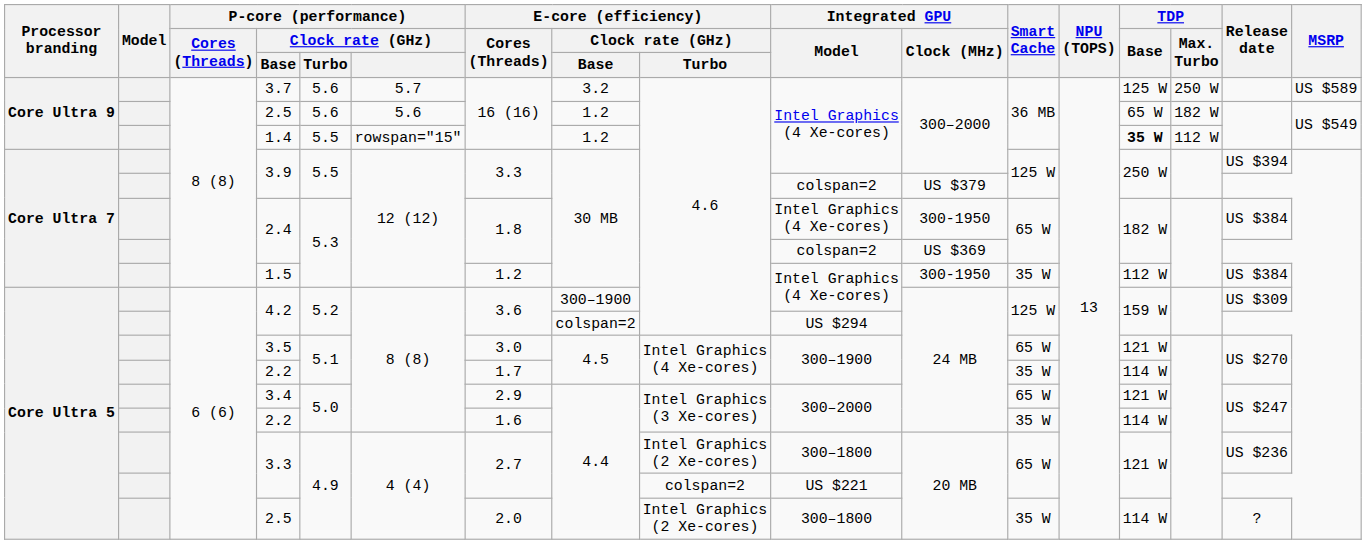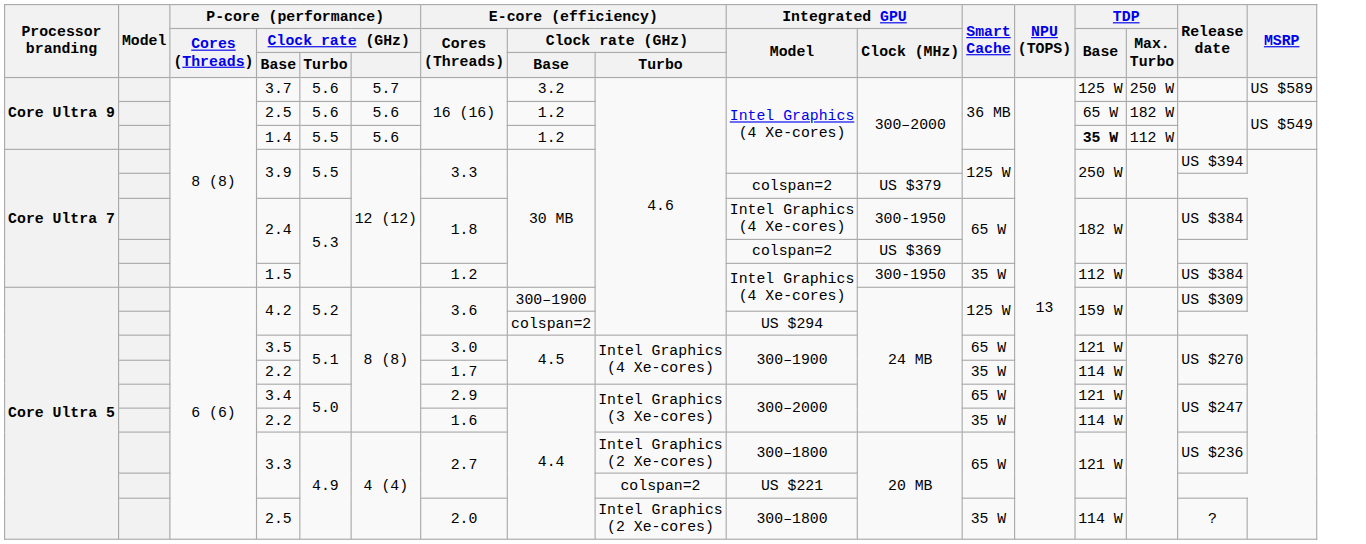 <table class="wikitable sortable nowrap" style="text-align: center">
 <tr>
 <th class="unsortable" rowspan="3">Processor<br>branding</th>
 <th rowspan="3">Model</th>
 <th colspan="4">P-core (performance)</th>
 <th colspan="3">E-core (efficiency)</th>
 <th colspan="2">Integrated <a href='#'>GPU</a></th>
 <th class="unsortable" rowspan="3"><a href='#'>Smart<br>Cache</a></th>
 <th class="unsortable" rowspan="3"><a href='#'>NPU</a><br>(TOPS)</th>
 <th colspan="2"><a href='#'>TDP</a></th>
 <th rowspan="3">Release<br>date</th>
 <th class="unsortable" rowspan="3"><a href='#'>MSRP</a></th>
 </tr>
 <tr>
 <th class="unsortable" rowspan="2"><a href='#'>Cores</a><br>(<a href='#'>Threads</a>)</th>
 <th colspan="3"><a href='#'>Clock rate</a> (GHz)</th>
 <th class="unsortable" rowspan="2">Cores<br>(Threads)</th>
 <th colspan="2">Clock rate (GHz)</th>
 <th class="unsortable" rowspan="2">Model</th>
 <th class="unsortable" rowspan="2">Clock (MHz)</th>
 <th rowspan="2">Base</th>
 <th class="unsortable" rowspan="2">Max.<br>Turbo</th>
 </tr>
 <tr>
 <th class="unsortable">Base</th>
 <th class="unsortable">Turbo</th>
 <th class="unsortable"></th>
 <th class="unsortable">Base</th>
 <th class="unsortable">Turbo</th>
 </tr>
 <tr>
 <th rowspan="3">Core Ultra 9</th>
 <th style="text-align:left" data-sort-value="sku17"></th>
 <td rowspan="8">8 (8)</td>
 <td>3.7</td>
 <td>5.6</td>
 <td>5.7</td>
 <td rowspan="3">16 (16)</td>
 <td>3.2</td>
 <td rowspan="10">4.6</td>
 <td rowspan="4"><a href='#'>Intel Graphics</a><br>(4 Xe-cores)</td>
 <td rowspan="4">300–2000</td>
 <td rowspan="3">36 MB</td>
 <td rowspan="17">13</td>
 <td>125 W</td>
 <td>250 W</td>
 <td></td>
 <td>US $589</td>
 </tr>
 <tr>
 <th style="text-align:left" data-sort-value="sku16"></th>
 <td>2.5</td>
 <td>5.6</td>
 <td>5.6</td>
 <td>1.2</td>
 <td>65 W</td>
 <td>182 W</td>
 <td rowspan="2"></td>
 <td rowspan="2">US $549</td>
 </tr>
 <tr>
 <th style="text-align:left" data-sort-value="sku15"></th>
 <td>1.4</td>
 <td>5.5</td>
-<td>rowspan="15" </td>
+<td>5.6</td>
 <td>1.2</td>
 <td><strong>35 W</strong></td>
 <td>112 W</td>
 </tr>
 <tr>
 <th rowspan="5">Core Ultra 7</th>
 <th style="text-align:left" data-sort-value="sku14"></th>
 <td rowspan="2">3.9</td>
 <td rowspan="2">5.5</td>
 <td rowspan="5">12 (12)</td>
 <td rowspan="2">3.3</td>
 <td rowspan="5">30 MB</td>
 <td rowspan="2">125 W</td>
 <td rowspan="2">250 W</td>
 <td rowspan="2"></td>
 <td>US $394</td>
 </tr>
 <tr>
 <th style="text-align:left" data-sort-value="sku13"></th>
 <td>colspan=2 </td>
 <td>US $379</td>
 </tr>
 <tr>
 <th style="text-align:left" data-sort-value="sku12"></th>
 <td rowspan="2">2.4</td>
 <td rowspan="3">5.3</td>
 <td rowspan="2">1.8</td>
 <td>Intel Graphics<br>(4 Xe-cores)</td>
 <td>300-1950</td>
 <td rowspan="2">65 W</td>
 <td rowspan="2">182 W</td>
 <td rowspan="3"></td>
 <td>US $384</td>
 </tr>
 <tr>
 <th style="text-align:left" data-sort-value="sku11"></th>
 <td>colspan=2 </td>
 <td>US $369</td>
 </tr>
 <tr>
 <th style="text-align:left" data-sort-value="sku10"></th>
 <td>1.5</td>
 <td>1.2</td>
 <td rowspan="2">Intel Graphics<br>(4 Xe-cores)</td>
 <td>300-1950</td>
 <td>35 W</td>
 <td>112 W</td>
 <td>US $384</td>
 </tr>
 <tr>
 <th rowspan="9">Core Ultra 5</th>
 <th style="text-align:left" data-sort-value="sku9"></th>
 <td rowspan="9">6 (6)</td>
 <td rowspan="2">4.2</td>
 <td rowspan="2">5.2</td>
 <td rowspan="6">8 (8)</td>
 <td rowspan="2">3.6</td>
 <td>300–1900</td>
 <td rowspan="6">24 MB</td>
 <td rowspan="2">125 W</td>
 <td rowspan="2">159 W</td>
 <td rowspan="2"></td>
 <td>US $309</td>
 </tr>
 <tr>
 <th style="text-align:left" data-sort-value="sku8"></th>
 <td>colspan=2 </td>
 <td>US $294</td>
 </tr>
 <tr>
 <th style="text-align:left" data-sort-value="sku7"></th>
 <td>3.5</td>
 <td rowspan="2">5.1</td>
 <td>3.0</td>
 <td rowspan="2">4.5</td>
 <td rowspan="2">Intel Graphics<br>(4 Xe-cores)</td>
 <td rowspan="2">300–1900</td>
 <td>65 W</td>
 <td>121 W</td>
 <td rowspan="7"></td>
 <td rowspan="2">US $270</td>
 </tr>
 <tr>
 <th style="text-align:left" data-sort-value="sku6"></th>
 <td>2.2</td>
 <td>1.7</td>
 <td>35 W</td>
 <td>114 W</td>
 </tr>
 <tr>
 <th style="text-align:left" data-sort-value="sku5"></th>
 <td>3.4</td>
 <td rowspan="2">5.0</td>
 <td>2.9</td>
 <td rowspan="5">4.4</td>
 <td rowspan="2">Intel Graphics<br>(3 Xe-cores)</td>
 <td rowspan="2">300–2000</td>
 <td>65 W</td>
 <td>121 W</td>
 <td rowspan="2">US $247</td>
 </tr>
 <tr>
 <th style="text-align:left" data-sort-value="sku4"></th>
 <td>2.2</td>
 <td>1.6</td>
 <td>35 W</td>
 <td>114 W</td>
 </tr>
 <tr>
 <th style="text-align:left" data-sort-value="sku3"></th>
 <td rowspan="2">3.3</td>
 <td rowspan="3">4.9</td>
 <td rowspan="3">4 (4)</td>
 <td rowspan="2">2.7</td>
 <td>Intel Graphics<br>(2 Xe-cores)</td>
 <td>300–1800</td>
 <td rowspan="3">20 MB</td>
 <td rowspan="2">65 W</td>
 <td rowspan="2">121 W</td>
 <td>US $236</td>
 </tr>
 <tr>
 <th style="text-align:left" data-sort-value="sku2"></th>
 <td>colspan=2 </td>
 <td>US $221</td>
 </tr>
 <tr>
 <th style="text-align:left" data-sort-value="sku1"></th>
 <td>2.5</td>
 <td>2.0</td>
 <td>Intel Graphics<br>(2 Xe-cores)</td>
 <td>300–1800</td>
 <td>35 W</td>
 <td>114 W</td>
 <td>?</td>
 </tr>
 </table>
